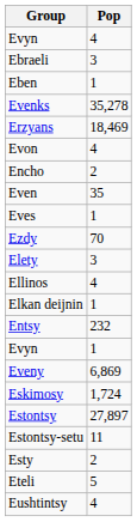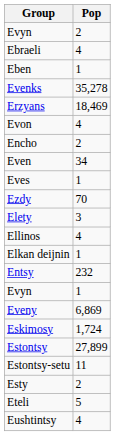 <table class = "wikitable sortable">
 <tr>
 <th>Group</th>
 <th>Pop</th>
 </tr>
 <tr>
 <td>Evyn</td>
-<td>4</td>
+<td>2</td>
 </tr>
 <tr>
 <td>Ebraeli</td>
-<td>3</td>
+<td>4</td>
 </tr>
 <tr>
 <td>Eben</td>
 <td>1</td>
 </tr>
 <tr>
 <td><a href='#'>Evenks</a></td>
 <td>35,278</td>
 </tr>
 <tr>
 <td><a href='#'>Erzyans</a></td>
 <td>18,469</td>
 </tr>
 <tr>
 <td>Evon</td>
 <td>4</td>
 </tr>
 <tr>
 <td>Encho</td>
 <td>2</td>
 </tr>
 <tr>
 <td>Even</td>
-<td>35</td>
+<td>34</td>
 </tr>
 <tr>
 <td>Eves</td>
 <td>1</td>
 </tr>
 <tr>
 <td><a href='#'>Ezdy</a></td>
 <td>70</td>
 </tr>
 <tr>
 <td><a href='#'>Elety</a></td>
 <td>3</td>
 </tr>
 <tr>
 <td>Ellinos</td>
 <td>4</td>
 </tr>
 <tr>
 <td>Elkan deijnin</td>
 <td>1</td>
 </tr>
 <tr>
 <td><a href='#'>Entsy</a></td>
 <td>232</td>
 </tr>
 <tr>
 <td>Evyn</td>
 <td>1</td>
 </tr>
 <tr>
 <td><a href='#'>Eveny</a></td>
 <td>6,869</td>
 </tr>
 <tr>
 <td><a href='#'>Eskimosy</a></td>
 <td>1,724</td>
 </tr>
 <tr>
 <td><a href='#'>Estontsy</a></td>
-<td>27,897</td>
+<td>27,899</td>
 </tr>
 <tr>
 <td>Estontsy-setu</td>
 <td>11</td>
 </tr>
 <tr>
 <td>Esty</td>
 <td>2</td>
 </tr>
 <tr>
 <td>Eteli</td>
 <td>5</td>
 </tr>
 <tr>
 <td>Eushtintsy</td>
 <td>4</td>
 </tr>
 </table>
